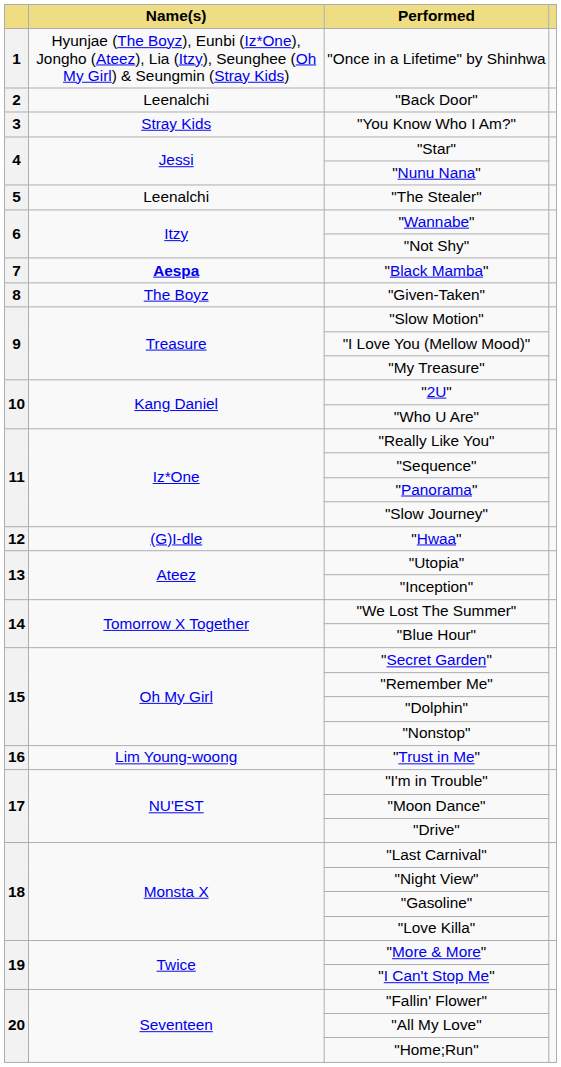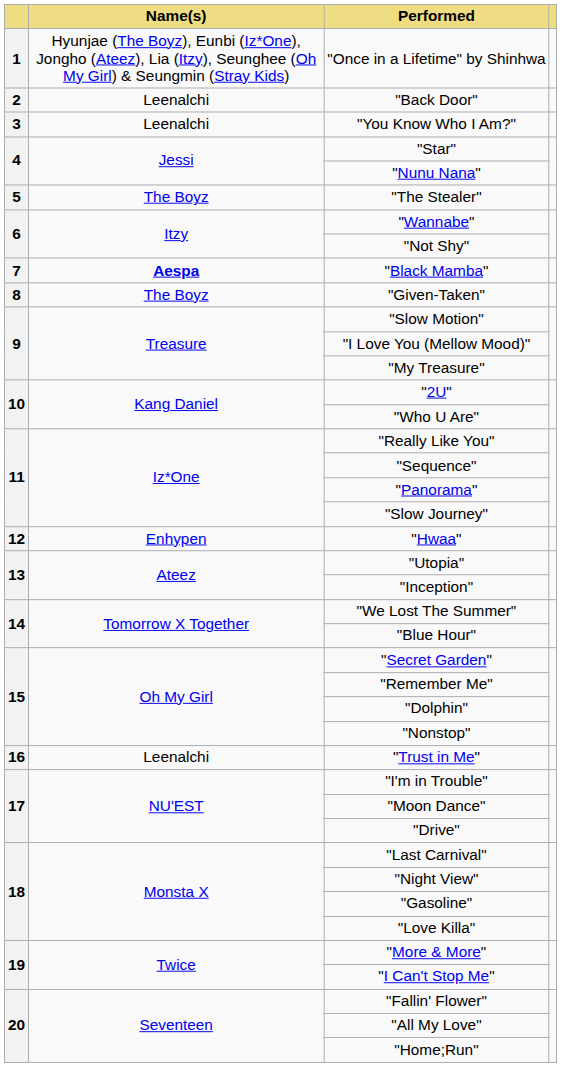 <table class="wikitable plainrowheaders" style="text-align:center;">
 <tr>
 <th scope="col" style="background:#EEDD82;"></th>
 <th scope="col" style="background:#EEDD82;" width="300">Name(s)</th>
 <th scope="col" style="background:#EEDD82;">Performed</th>
 <th scope="col" style="background:#EEDD82;"></th>
 </tr>
 <tr>
 <th scope="col">1</th>
 <td>Hyunjae (<a href='#'>The Boyz</a>), Eunbi (<a href='#'>Iz*One</a>), Jongho (<a href='#'>Ateez</a>), Lia (<a href='#'>Itzy</a>), Seunghee (<a href='#'>Oh My Girl</a>) & Seungmin (<a href='#'>Stray Kids</a>)</td>
 <td>"Once in a Lifetime" by Shinhwa</td>
 <td style="text-align:center"></td>
 </tr>
 <tr>
 <th scope="col">2</th>
 <td>Leenalchi</td>
 <td>"Back Door"</td>
 <td style="text-align:center"></td>
 </tr>
 <tr>
 <th scope="col">3</th>
-<td><a href='#'>Stray Kids</a></td>
+<td>Leenalchi</td>
 <td>"You Know Who I Am?"</td>
 <td style="text-align:center"></td>
 </tr>
 <tr>
 <th scope="col" rowspan="2">4</th>
 <td rowspan="2"><a href='#'>Jessi</a></td>
 <td>"Star"</td>
 <td rowspan="2" style="text-align:center"></td>
 </tr>
 <tr>
 <td>"<a href='#'>Nunu Nana</a>"</td>
 </tr>
 <tr>
 <th scope="col">5</th>
-<td>Leenalchi</td>
+<td><a href='#'>The Boyz</a></td>
 <td>"The Stealer"</td>
 <td style="text-align:center"></td>
 </tr>
 <tr>
 <th scope="col" rowspan="2">6</th>
 <td rowspan="2"><a href='#'>Itzy</a></td>
 <td>"<a href='#'>Wannabe</a>"</td>
 <td rowspan="2" style="text-align:center"></td>
 </tr>
 <tr>
 <td>"Not Shy"</td>
 </tr>
 <tr>
 <th scope="col">7</th>
 <td><strong><a href='#'>Aespa</a></strong></td>
 <td>"<a href='#'>Black Mamba</a>"</td>
 <td style="text-align:center"></td>
 </tr>
 <tr>
 <th scope="col">8</th>
 <td><a href='#'>The Boyz</a></td>
 <td>"Given-Taken"</td>
 <td style="text-align:center"></td>
 </tr>
 <tr>
 <th scope="col" rowspan="3">9</th>
 <td rowspan="3"><a href='#'>Treasure</a></td>
 <td>"Slow Motion"</td>
 <td rowspan="3" style="text-align:center"></td>
 </tr>
 <tr>
 <td>"I Love You (Mellow Mood)"</td>
 </tr>
 <tr>
 <td>"My Treasure"</td>
 </tr>
 <tr>
 <th scope="col" rowspan="2">10</th>
 <td rowspan="2"><a href='#'>Kang Daniel</a></td>
 <td>"<a href='#'>2U</a>"</td>
 <td rowspan="2" style="text-align:center"></td>
 </tr>
 <tr>
 <td>"Who U Are"</td>
 </tr>
 <tr>
 <th scope="col" rowspan="4">11</th>
 <td rowspan="4"><a href='#'>Iz*One</a></td>
 <td>"Really Like You"</td>
 <td rowspan="4" style="text-align:center"></td>
 </tr>
 <tr>
 <td>"Sequence"</td>
 </tr>
 <tr>
 <td>"<a href='#'>Panorama</a>"</td>
 </tr>
 <tr>
 <td>"Slow Journey"</td>
 </tr>
 <tr>
 <th scope="col">12</th>
-<td><a href='#'>(G)I-dle</a></td>
+<td><a href='#'>Enhypen</a></td>
 <td>"<a href='#'>Hwaa</a>"</td>
 <td style="text-align:center"></td>
 </tr>
 <tr>
 <th scope="col" rowspan="2">13</th>
 <td rowspan="2"><a href='#'>Ateez</a></td>
 <td>"Utopia"</td>
 <td rowspan="2" style="text-align:center"></td>
 </tr>
 <tr>
 <td>"Inception"</td>
 </tr>
 <tr>
 <th scope="col" rowspan="2">14</th>
 <td rowspan="2"><a href='#'>Tomorrow X Together</a></td>
 <td>"We Lost The Summer"</td>
 <td rowspan="2" style="text-align:center"></td>
 </tr>
 <tr>
 <td>"Blue Hour"</td>
 </tr>
 <tr>
 <th scope="col" rowspan="4">15</th>
 <td rowspan="4"><a href='#'>Oh My Girl</a></td>
 <td>"<a href='#'>Secret Garden</a>"</td>
 <td rowspan="4" style="text-align:center"></td>
 </tr>
 <tr>
 <td>"Remember Me"</td>
 </tr>
 <tr>
 <td>"Dolphin"</td>
 </tr>
 <tr>
 <td>"Nonstop"</td>
 </tr>
 <tr>
 <th scope="col">16</th>
-<td><a href='#'>Lim Young-woong</a></td>
+<td>Leenalchi</td>
 <td>"<a href='#'>Trust in Me</a>"</td>
 <td style="text-align:center"></td>
 </tr>
 <tr>
 <th scope="col" rowspan="3">17</th>
 <td rowspan="3"><a href='#'>NU'EST</a></td>
 <td>"I'm in Trouble"</td>
 <td rowspan="3" style="text-align:center"></td>
 </tr>
 <tr>
 <td>"Moon Dance"</td>
 </tr>
 <tr>
 <td>"Drive"</td>
 </tr>
 <tr>
 <th scope="col" rowspan="4">18</th>
 <td rowspan="4"><a href='#'>Monsta X</a></td>
 <td>"Last Carnival"</td>
 <td rowspan="4" style="text-align:center"></td>
 </tr>
 <tr>
 <td>"Night View"</td>
 </tr>
 <tr>
 <td>"Gasoline"</td>
 </tr>
 <tr>
 <td>"Love Killa"</td>
 </tr>
 <tr>
 <th scope="col" rowspan="2">19</th>
 <td rowspan="2"><a href='#'>Twice</a></td>
 <td>"<a href='#'>More & More</a>"</td>
 <td rowspan="2" style="text-align:center"></td>
 </tr>
 <tr>
 <td>"<a href='#'>I Can't Stop Me</a>"</td>
 </tr>
 <tr>
 <th scope="col" rowspan="3">20</th>
 <td rowspan="3"><a href='#'>Seventeen</a></td>
 <td>"Fallin' Flower"</td>
 <td rowspan="3" style="text-align:center"></td>
 </tr>
 <tr>
 <td>"All My Love"</td>
 </tr>
 <tr>
 <td>"Home;Run"</td>
 </tr>
 </table>
